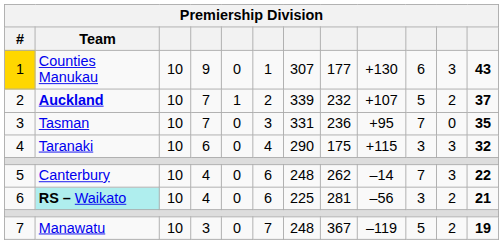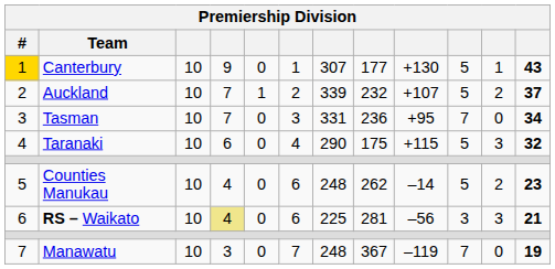 <table class="wikitable" width="550px" style="text-align:center">
 <tr>
 <th colspan="12">Premiership Division</th>
 </tr>
 <tr>
 <th style="width:5%">#</th>
 <th style="width:20%">Team</th>
 <th style="width:5%"></th>
 <th style="width:5%"></th>
 <th style="width:5%"></th>
 <th style="width:5%"></th>
 <th style="width:5%"></th>
 <th style="width:5%"></th>
 <th style="width:7%"></th>
 <th style="width:5%"></th>
 <th style="width:5%"></th>
 <th style="width:5%"></th>
 </tr>
 <tr>
 <td style="background: gold;">1</td>
-<td style="text-align:left"><a href='#'>Counties Manukau</a></td>
+<td style="text-align:left"><a href='#'>Canterbury</a></td>
 <td>10</td>
 <td>9</td>
 <td>0</td>
 <td>1</td>
 <td>307</td>
 <td>177</td>
 <td>+130</td>
-<td>6</td>
-<td>3</td>
+<td>5</td>
+<td>1</td>
 <td><strong>43</strong></td>
 </tr>
 <tr>
 <td>2</td>
-<td style="text-align:left"><strong><a href='#'>Auckland</a></strong></td>
+<td style="text-align:left"><a href='#'>Auckland</a></td>
 <td>10</td>
 <td>7</td>
 <td>1</td>
 <td>2</td>
 <td>339</td>
 <td>232</td>
 <td>+107</td>
 <td>5</td>
 <td>2</td>
 <td><strong>37</strong></td>
 </tr>
 <tr>
 <td>3</td>
 <td style="text-align:left"><a href='#'>Tasman</a></td>
 <td>10</td>
 <td>7</td>
 <td>0</td>
 <td>3</td>
 <td>331</td>
 <td>236</td>
 <td>+95</td>
 <td>7</td>
 <td>0</td>
-<td><strong>35</strong></td>
+<td><strong>34</strong></td>
 </tr>
 <tr>
 <td>4</td>
 <td style="text-align:left"><a href='#'>Taranaki</a></td>
 <td>10</td>
 <td>6</td>
 <td>0</td>
 <td>4</td>
 <td>290</td>
 <td>175</td>
 <td>+115</td>
-<td>3</td>
+<td>5</td>
 <td>3</td>
 <td><strong>32</strong></td>
 </tr>
 <tr>
 <td colspan=12 style="background-color:#DDDDDD"></td>
 </tr>
 <tr>
 <td>5</td>
-<td style="text-align:left"><a href='#'>Canterbury</a></td>
+<td style="text-align:left"><a href='#'>Counties Manukau</a></td>
 <td>10</td>
 <td>4</td>
 <td>0</td>
 <td>6</td>
 <td>248</td>
 <td>262</td>
 <td>–14</td>
-<td>7</td>
-<td>3</td>
-<td><strong>22</strong></td>
+<td>5</td>
+<td>2</td>
+<td><strong>23</strong></td>
 </tr>
 <tr>
 <td>6</td>
-<td style="background: paleturquoise; text-align:left"><strong>RS –</strong> <a href='#'>Waikato</a></td>
+<td style="text-align:left"><strong>RS –</strong> <a href='#'>Waikato</a></td>
 <td>10</td>
-<td>4</td>
+<td style="background: khaki;">4</td>
 <td>0</td>
 <td>6</td>
 <td>225</td>
 <td>281</td>
 <td>–56</td>
 <td>3</td>
-<td>2</td>
+<td>3</td>
 <td><strong>21</strong></td>
 </tr>
 <tr>
 <td colspan=12 style="background-color:#DDDDDD"></td>
 </tr>
 <tr>
 <td>7</td>
 <td style="text-align:left"><a href='#'>Manawatu</a></td>
 <td>10</td>
 <td>3</td>
 <td>0</td>
 <td>7</td>
 <td>248</td>
 <td>367</td>
 <td>–119</td>
-<td>5</td>
-<td>2</td>
+<td>7</td>
+<td>0</td>
 <td><strong>19</strong></td>
 </tr>
 </table>
